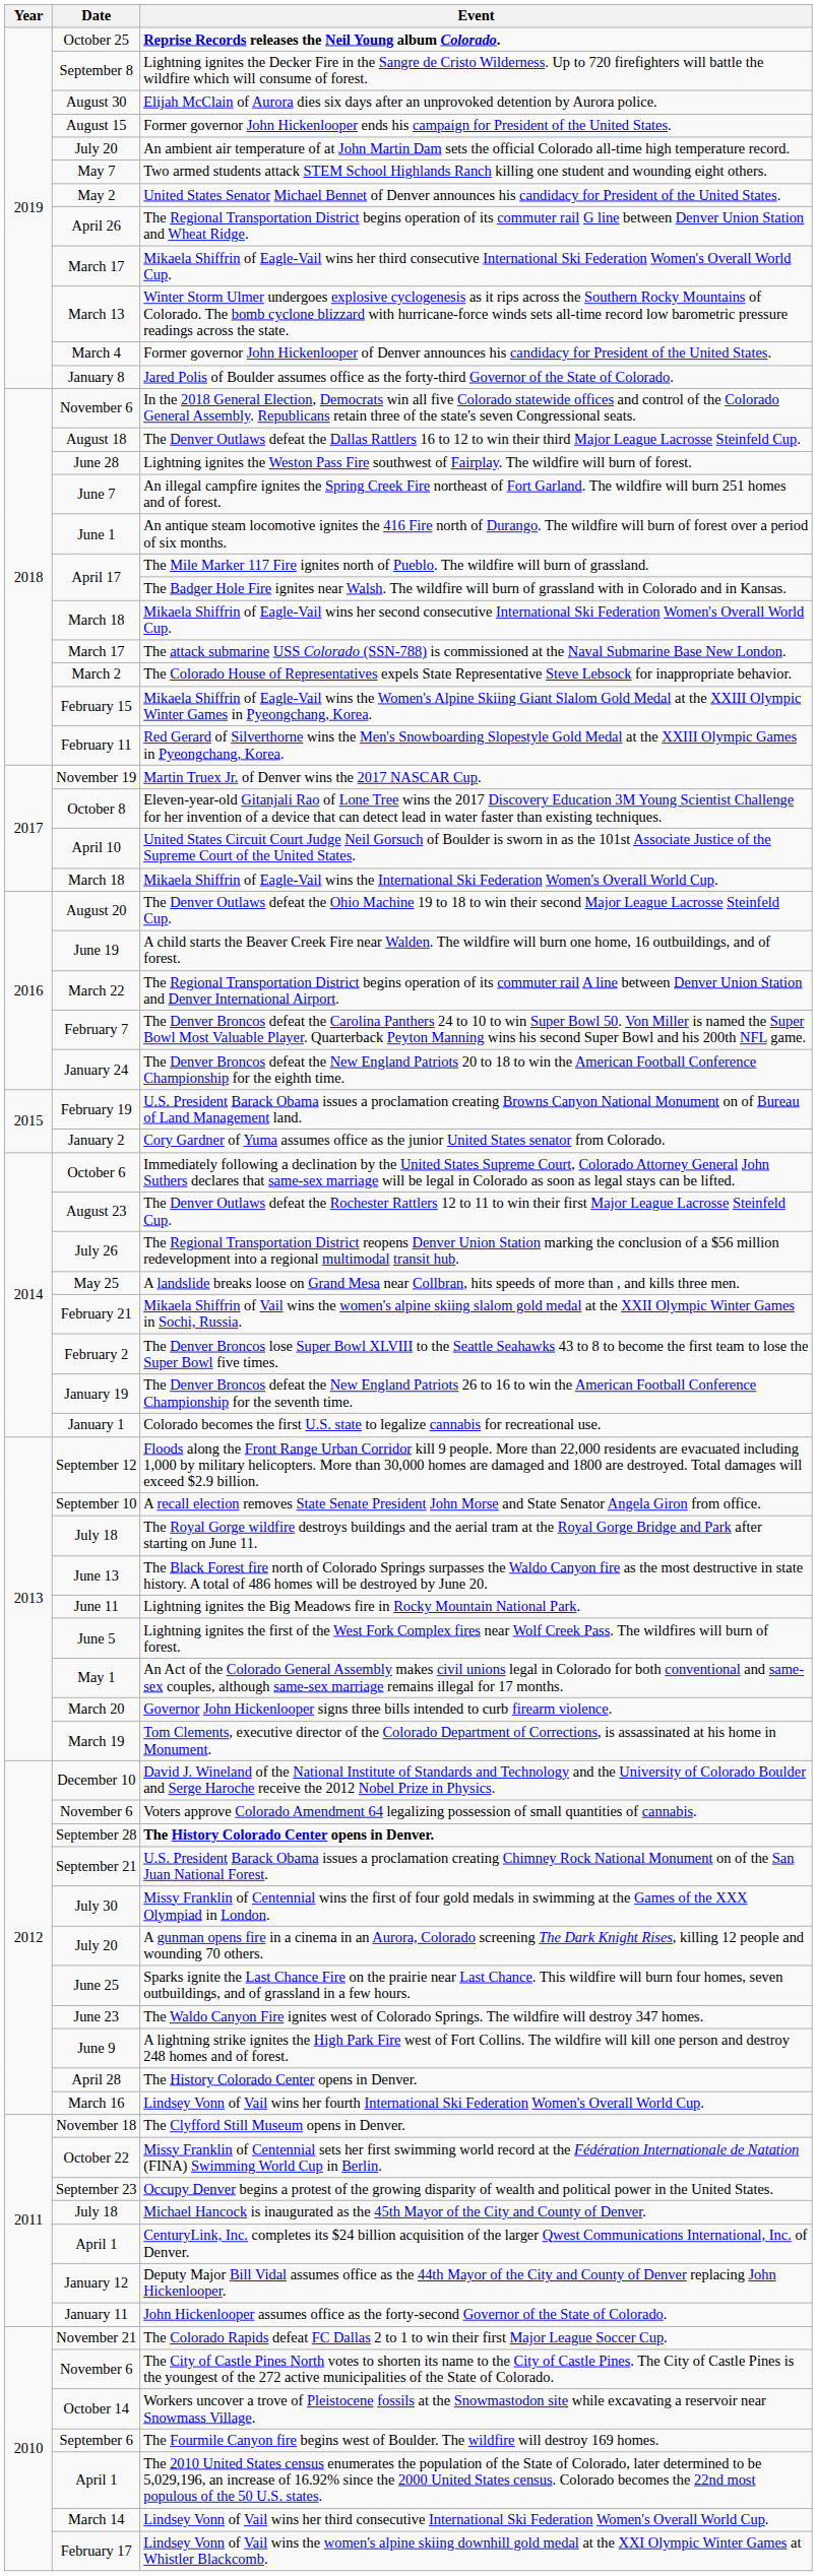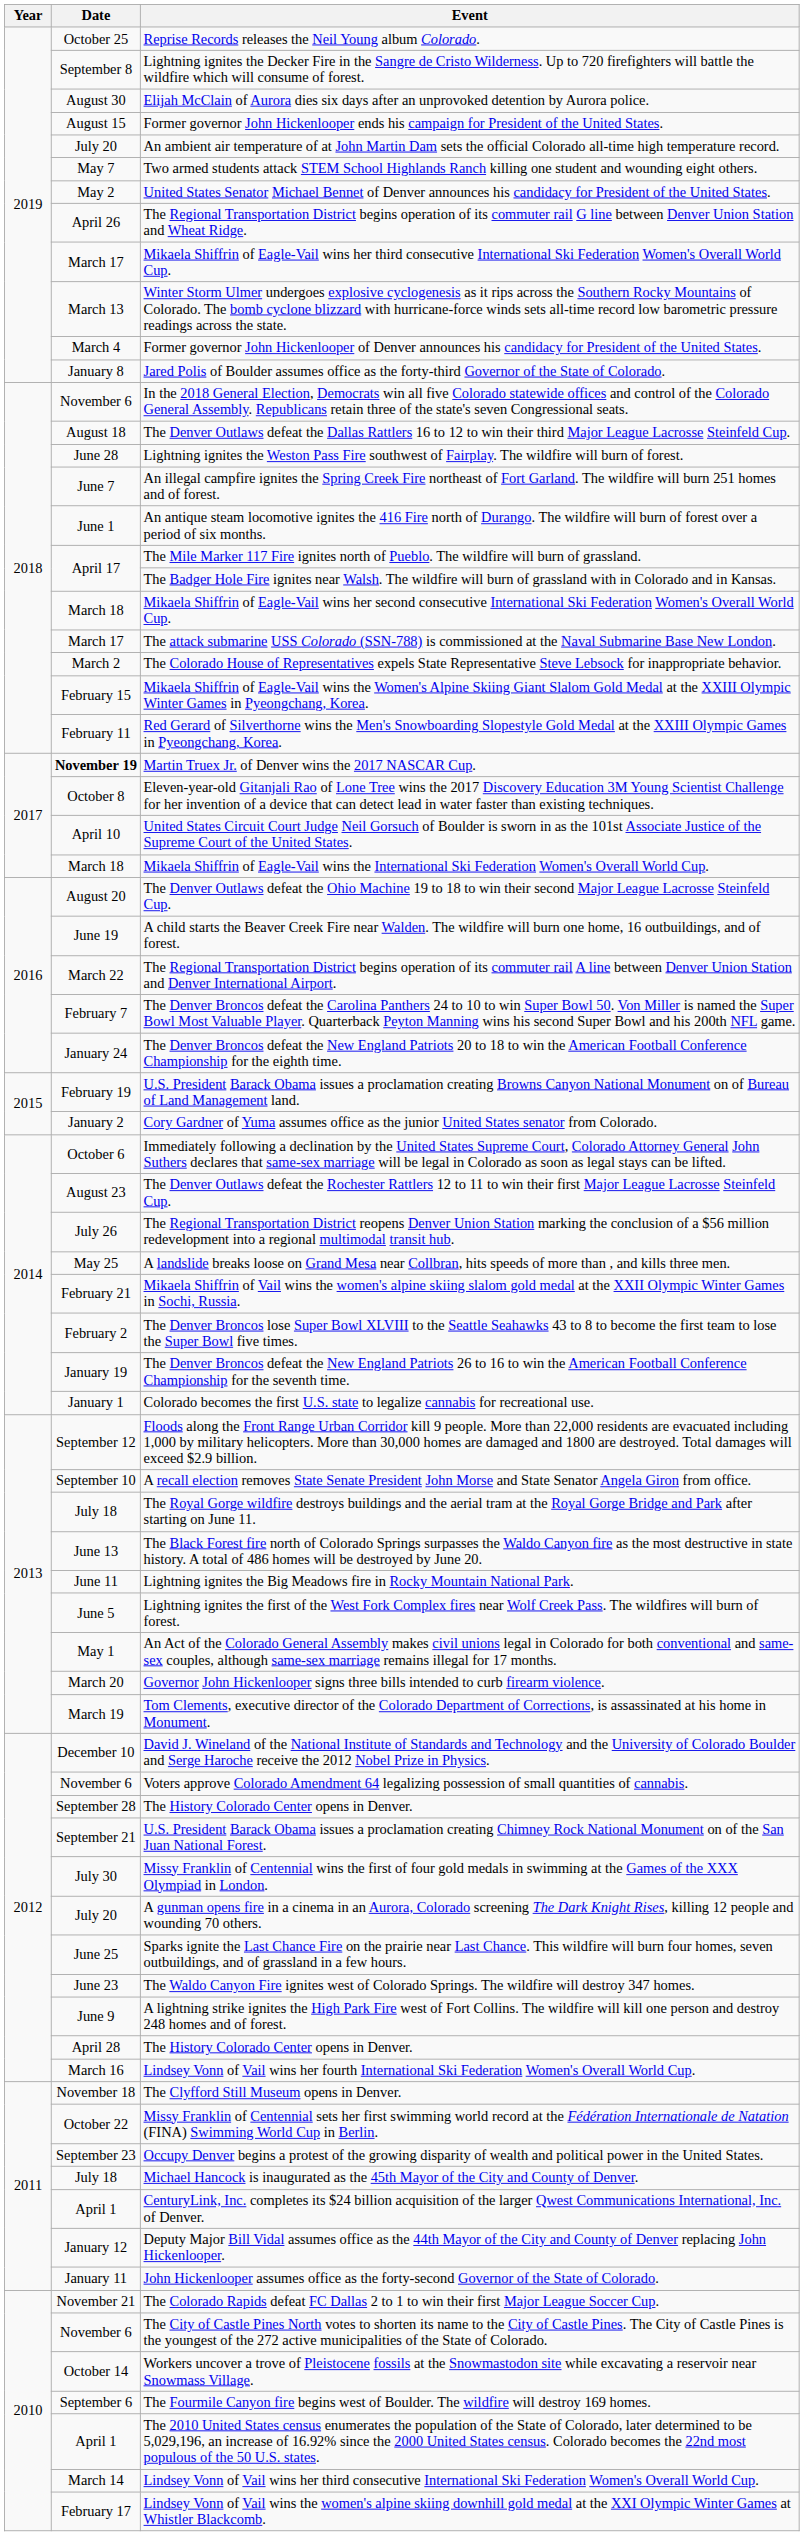 <table class="wikitable" style="width:100%;">
 <tr>
 <th style="width:6%">Year</th>
 <th style="width:8%">Date</th>
 <th style="width:86%">Event</th>
 </tr>
 <tr>
 <td align=center rowspan=12>2019</td>
 <td align=center>October 25</td>
-<td><strong><a href='#'>Reprise Records</a> releases the <a href='#'>Neil Young</a> album <em><a href='#'>Colorado</a></em>.</strong></td>
+<td><a href='#'>Reprise Records</a> releases the <a href='#'>Neil Young</a> album <em><a href='#'>Colorado</a></em>.</td>
 </tr>
 <tr>
 <td align=center>September 8</td>
 <td>Lightning ignites the Decker Fire in the <a href='#'>Sangre de Cristo Wilderness</a>. Up to 720 firefighters will battle the wildfire which will consume  of forest.</td>
 </tr>
 <tr>
 <td align=center>August 30</td>
 <td><a href='#'>Elijah McClain</a> of <a href='#'>Aurora</a> dies six days after an unprovoked detention by Aurora police.</td>
 </tr>
 <tr>
 <td align=center>August 15</td>
 <td>Former governor <a href='#'>John Hickenlooper</a> ends his <a href='#'>campaign for President of the United States</a>.</td>
 </tr>
 <tr>
 <td align=center>July 20</td>
 <td>An ambient air temperature of  at <a href='#'>John Martin Dam</a> sets the official Colorado all-time high temperature record.</td>
 </tr>
 <tr>
 <td align=center>May 7</td>
 <td>Two armed students attack <a href='#'>STEM School Highlands Ranch</a> killing one student and wounding eight others.</td>
 </tr>
 <tr>
 <td align=center>May 2</td>
 <td><a href='#'>United States Senator</a> <a href='#'>Michael Bennet</a> of Denver announces his <a href='#'>candidacy for President of the United States</a>.</td>
 </tr>
 <tr>
 <td align=center>April 26</td>
 <td>The <a href='#'>Regional Transportation District</a> begins operation of its <a href='#'>commuter rail</a> <a href='#'>G line</a> between <a href='#'>Denver Union Station</a> and <a href='#'>Wheat Ridge</a>.</td>
 </tr>
 <tr>
 <td align=center>March 17</td>
 <td><a href='#'>Mikaela Shiffrin</a> of <a href='#'>Eagle-Vail</a> wins her third consecutive <a href='#'>International Ski Federation</a> <a href='#'>Women's Overall World Cup</a>.</td>
 </tr>
 <tr>
 <td align=center>March 13</td>
 <td><a href='#'>Winter Storm Ulmer</a> undergoes <a href='#'>explosive cyclogenesis</a> as it rips across the <a href='#'>Southern Rocky Mountains</a> of Colorado. The <a href='#'>bomb cyclone blizzard</a> with hurricane-force winds sets all-time record low barometric pressure readings across the state.</td>
 </tr>
 <tr>
 <td align=center>March 4</td>
 <td>Former governor <a href='#'>John Hickenlooper</a> of Denver announces his <a href='#'>candidacy for President of the United States</a>.</td>
 </tr>
 <tr>
 <td align=center>January 8</td>
 <td><a href='#'>Jared Polis</a> of Boulder assumes office as the forty-third <a href='#'>Governor of the State of Colorado</a>.</td>
 </tr>
 <tr>
 <td align=center rowspan=12>2018</td>
 <td align=center>November 6</td>
 <td>In the <a href='#'>2018 General Election</a>, <a href='#'>Democrats</a> win all five <a href='#'>Colorado statewide offices</a> and control of the <a href='#'>Colorado General Assembly</a>. <a href='#'>Republicans</a> retain three of the state's seven Congressional seats.</td>
 </tr>
 <tr>
 <td align=center>August 18</td>
 <td>The <a href='#'>Denver Outlaws</a> defeat the <a href='#'>Dallas Rattlers</a> 16 to 12 to win their third <a href='#'>Major League Lacrosse</a> <a href='#'>Steinfeld Cup</a>.</td>
 </tr>
 <tr>
 <td align=center>June 28</td>
 <td>Lightning ignites the <a href='#'>Weston Pass Fire</a>  southwest of <a href='#'>Fairplay</a>. The wildfire will burn  of forest.</td>
 </tr>
 <tr>
 <td align=center>June 7</td>
 <td>An illegal campfire ignites the <a href='#'>Spring Creek Fire</a>  northeast of <a href='#'>Fort Garland</a>. The wildfire will burn 251 homes and  of forest.</td>
 </tr>
 <tr>
 <td align=center>June 1</td>
 <td>An antique steam locomotive ignites the <a href='#'>416 Fire</a>  north of <a href='#'>Durango</a>. The wildfire will burn  of forest over a period of six months.</td>
 </tr>
 <tr>
 <td align=center rowspan=2>April 17</td>
 <td>The <a href='#'>Mile Marker 117 Fire</a> ignites  north of <a href='#'>Pueblo</a>. The wildfire will burn  of grassland.</td>
 </tr>
 <tr>
 <td>The <a href='#'>Badger Hole Fire</a> ignites near <a href='#'>Walsh</a>. The wildfire will burn  of grassland with  in Colorado and  in Kansas.</td>
 </tr>
 <tr>
 <td align=center>March 18</td>
 <td><a href='#'>Mikaela Shiffrin</a> of <a href='#'>Eagle-Vail</a> wins her second consecutive <a href='#'>International Ski Federation</a> <a href='#'>Women's Overall World Cup</a>.</td>
 </tr>
 <tr>
 <td align=center>March 17</td>
 <td>The <a href='#'>attack submarine</a> <a href='#'>USS <em>Colorado</em> (SSN-788)</a> is commissioned at the <a href='#'>Naval Submarine Base New London</a>.</td>
 </tr>
 <tr>
 <td align=center>March 2</td>
 <td>The <a href='#'>Colorado House of Representatives</a> expels State Representative <a href='#'>Steve Lebsock</a> for inappropriate behavior.</td>
 </tr>
 <tr>
 <td align=center>February 15</td>
 <td><a href='#'>Mikaela Shiffrin</a> of <a href='#'>Eagle-Vail</a> wins the <a href='#'>Women's Alpine Skiing Giant Slalom Gold Medal</a> at the <a href='#'>XXIII Olympic Winter Games</a> in <a href='#'>Pyeongchang, Korea</a>.</td>
 </tr>
 <tr>
 <td align=center>February 11</td>
 <td><a href='#'>Red Gerard</a> of <a href='#'>Silverthorne</a> wins the <a href='#'>Men's Snowboarding Slopestyle Gold Medal</a> at the <a href='#'>XXIII Olympic Games</a> in <a href='#'>Pyeongchang, Korea</a>.</td>
 </tr>
 <tr>
 <td align=center rowspan=4>2017</td>
-<td align=center>November 19</td>
+<td align=center><strong>November 19</strong></td>
 <td><a href='#'>Martin Truex Jr.</a> of Denver wins the <a href='#'>2017 NASCAR Cup</a>.</td>
 </tr>
 <tr>
 <td align=center>October 8</td>
 <td>Eleven-year-old <a href='#'>Gitanjali Rao</a> of <a href='#'>Lone Tree</a> wins the 2017 <a href='#'>Discovery Education 3M Young Scientist Challenge</a> for her invention of a device that can detect lead in water faster than existing techniques.</td>
 </tr>
 <tr>
 <td align=center>April 10</td>
 <td><a href='#'>United States Circuit Court Judge</a> <a href='#'>Neil Gorsuch</a> of Boulder is sworn in as the 101st <a href='#'>Associate Justice of the Supreme Court of the United States</a>.</td>
 </tr>
 <tr>
 <td align=center>March 18</td>
 <td><a href='#'>Mikaela Shiffrin</a> of <a href='#'>Eagle-Vail</a> wins the <a href='#'>International Ski Federation</a> <a href='#'>Women's Overall World Cup</a>.</td>
 </tr>
 <tr>
 <td align=center rowspan=5>2016</td>
 <td align=center>August 20</td>
 <td>The <a href='#'>Denver Outlaws</a> defeat the <a href='#'>Ohio Machine</a> 19 to 18 to win their second <a href='#'>Major League Lacrosse</a> <a href='#'>Steinfeld Cup</a>.</td>
 </tr>
 <tr>
 <td align=center>June 19</td>
 <td>A child starts the Beaver Creek Fire near <a href='#'>Walden</a>. The wildfire will burn one home, 16 outbuildings, and  of forest.</td>
 </tr>
 <tr>
 <td align=center>March 22</td>
 <td>The <a href='#'>Regional Transportation District</a> begins operation of its <a href='#'>commuter rail</a> <a href='#'>A line</a> between <a href='#'>Denver Union Station</a> and <a href='#'>Denver International Airport</a>.</td>
 </tr>
 <tr>
 <td align=center>February 7</td>
 <td>The <a href='#'>Denver Broncos</a> defeat the <a href='#'>Carolina Panthers</a> 24 to 10 to win <a href='#'>Super Bowl 50</a>. <a href='#'>Von Miller</a> is named the <a href='#'>Super Bowl Most Valuable Player</a>. Quarterback <a href='#'>Peyton Manning</a> wins his second Super Bowl and his 200th <a href='#'>NFL</a> game.</td>
 </tr>
 <tr>
 <td align=center>January 24</td>
 <td>The <a href='#'>Denver Broncos</a> defeat the <a href='#'>New England Patriots</a> 20 to 18 to win the <a href='#'>American Football Conference Championship</a> for the eighth time.</td>
 </tr>
 <tr>
 <td align=center rowspan=2>2015</td>
 <td align=center>February 19</td>
 <td><a href='#'>U.S. President</a> <a href='#'>Barack Obama</a> issues a proclamation creating <a href='#'>Browns Canyon National Monument</a> on  of <a href='#'>Bureau of Land Management</a> land.</td>
 </tr>
 <tr>
 <td align=center>January 2</td>
 <td><a href='#'>Cory Gardner</a> of <a href='#'>Yuma</a> assumes office as the junior <a href='#'>United States senator</a> from Colorado.</td>
 </tr>
 <tr>
 <td align=center rowspan=8>2014</td>
 <td align=center>October 6</td>
 <td>Immediately following a declination by the <a href='#'>United States Supreme Court</a>, <a href='#'>Colorado Attorney General</a> <a href='#'>John Suthers</a> declares that <a href='#'>same-sex marriage</a> will be legal in Colorado as soon as legal stays can be lifted.</td>
 </tr>
 <tr>
 <td align=center>August 23</td>
 <td>The <a href='#'>Denver Outlaws</a> defeat the <a href='#'>Rochester Rattlers</a> 12 to 11 to win their first <a href='#'>Major League Lacrosse</a> <a href='#'>Steinfeld Cup</a>.</td>
 </tr>
 <tr>
 <td align=center>July 26</td>
 <td>The <a href='#'>Regional Transportation District</a> reopens <a href='#'>Denver Union Station</a> marking the conclusion of a $56 million redevelopment into a regional <a href='#'>multimodal</a> <a href='#'>transit hub</a>.</td>
 </tr>
 <tr>
 <td align=center>May 25</td>
 <td>A  <a href='#'>landslide</a> breaks loose on <a href='#'>Grand Mesa</a> near <a href='#'>Collbran</a>, hits speeds of more than , and kills three men.</td>
 </tr>
 <tr>
 <td align=center>February 21</td>
 <td><a href='#'>Mikaela Shiffrin</a> of <a href='#'>Vail</a> wins the <a href='#'>women's alpine skiing slalom gold medal</a> at the <a href='#'>XXII Olympic Winter Games</a> in <a href='#'>Sochi, Russia</a>.</td>
 </tr>
 <tr>
 <td align=center>February 2</td>
 <td>The <a href='#'>Denver Broncos</a> lose <a href='#'>Super Bowl XLVIII</a> to the <a href='#'>Seattle Seahawks</a> 43 to 8 to become the first team to lose the <a href='#'>Super Bowl</a> five times.</td>
 </tr>
 <tr>
 <td align=center>January 19</td>
 <td>The <a href='#'>Denver Broncos</a> defeat the <a href='#'>New England Patriots</a> 26 to 16 to win the <a href='#'>American Football Conference Championship</a> for the seventh time.</td>
 </tr>
 <tr>
 <td align=center>January 1</td>
 <td>Colorado becomes the first <a href='#'>U.S. state</a> to legalize <a href='#'>cannabis</a> for recreational use.</td>
 </tr>
 <tr>
 <td align=center rowspan=9>2013</td>
 <td align=center>September 12</td>
 <td><a href='#'>Floods</a> along the <a href='#'>Front Range Urban Corridor</a> kill 9 people. More than 22,000 residents are evacuated including 1,000 by military helicopters. More than 30,000 homes are damaged and 1800 are destroyed. Total damages will exceed $2.9 billion.</td>
 </tr>
 <tr>
 <td align=center>September 10</td>
 <td>A <a href='#'>recall election</a> removes <a href='#'>State Senate President</a> <a href='#'>John Morse</a> and State Senator <a href='#'>Angela Giron</a> from office.</td>
 </tr>
 <tr>
 <td align=center>July 18</td>
 <td>The <a href='#'>Royal Gorge wildfire</a> destroys buildings and the aerial tram at the <a href='#'>Royal Gorge Bridge and Park</a> after starting on June 11.</td>
 </tr>
 <tr>
 <td align=center>June 13</td>
 <td>The <a href='#'>Black Forest fire</a> north of Colorado Springs surpasses the <a href='#'>Waldo Canyon fire</a> as the most destructive in state history. A total of 486 homes will be destroyed by June 20.</td>
 </tr>
 <tr>
 <td align=center>June 11</td>
 <td>Lightning ignites the Big Meadows fire in <a href='#'>Rocky Mountain National Park</a>.</td>
 </tr>
 <tr>
 <td align=center>June 5</td>
 <td>Lightning ignites the first of the  <a href='#'>West Fork Complex fires</a> near <a href='#'>Wolf Creek Pass</a>. The wildfires will burn  of forest.</td>
 </tr>
 <tr>
 <td align=center>May 1</td>
 <td>An Act of the <a href='#'>Colorado General Assembly</a> makes <a href='#'>civil unions</a> legal in Colorado for both <a href='#'>conventional</a> and <a href='#'>same-sex</a> couples, although <a href='#'>same-sex marriage</a> remains illegal for 17 months.</td>
 </tr>
 <tr>
 <td align=center>March 20</td>
 <td><a href='#'>Governor</a> <a href='#'>John Hickenlooper</a> signs three bills intended to curb <a href='#'>firearm violence</a>.</td>
 </tr>
 <tr>
 <td align=center>March 19</td>
 <td><a href='#'>Tom Clements</a>, executive director of the <a href='#'>Colorado Department of Corrections</a>, is assassinated at his home in <a href='#'>Monument</a>.</td>
 </tr>
 <tr>
 <td align=center rowspan=11>2012</td>
 <td align=center>December 10</td>
 <td><a href='#'>David J. Wineland</a> of the <a href='#'>National Institute of Standards and Technology</a> and the <a href='#'>University of Colorado Boulder</a> and <a href='#'>Serge Haroche</a> receive the 2012 <a href='#'>Nobel Prize in Physics</a>.</td>
 </tr>
 <tr>
 <td align=center>November 6</td>
 <td>Voters approve <a href='#'>Colorado Amendment 64</a> legalizing possession of small quantities of <a href='#'>cannabis</a>.</td>
 </tr>
 <tr>
 <td align=center>September 28</td>
-<td><strong>The <a href='#'>History Colorado Center</a> opens in Denver.</strong></td>
+<td>The <a href='#'>History Colorado Center</a> opens in Denver.</td>
 </tr>
 <tr>
 <td align=center>September 21</td>
 <td><a href='#'>U.S. President</a> <a href='#'>Barack Obama</a> issues a proclamation creating <a href='#'>Chimney Rock National Monument</a> on  of the <a href='#'>San Juan National Forest</a>.</td>
 </tr>
 <tr>
 <td align=center>July 30</td>
 <td><a href='#'>Missy Franklin</a> of <a href='#'>Centennial</a> wins the first of four gold medals in swimming at the <a href='#'>Games of the XXX Olympiad</a> in <a href='#'>London</a>.</td>
 </tr>
 <tr>
 <td align=center>July 20</td>
 <td>A <a href='#'>gunman opens fire</a> in a cinema in an <a href='#'>Aurora, Colorado</a> screening <em><a href='#'>The Dark Knight Rises</a></em>, killing 12 people and wounding 70 others.</td>
 </tr>
 <tr>
 <td align=center>June 25</td>
 <td>Sparks ignite the <a href='#'>Last Chance Fire</a> on the prairie near <a href='#'>Last Chance</a>. This wildfire will burn four homes, seven outbuildings, and  of grassland in a few hours.</td>
 </tr>
 <tr>
 <td align=center>June 23</td>
 <td>The <a href='#'>Waldo Canyon Fire</a> ignites west of Colorado Springs. The wildfire will destroy 347 homes.</td>
 </tr>
 <tr>
 <td align=center>June 9</td>
 <td>A lightning strike ignites the <a href='#'>High Park Fire</a> west of Fort Collins. The wildfire will kill one person and destroy 248 homes and  of forest.</td>
 </tr>
 <tr>
 <td align=center>April 28</td>
 <td>The <a href='#'>History Colorado Center</a> opens in Denver.</td>
 </tr>
 <tr>
 <td align=center>March 16</td>
 <td><a href='#'>Lindsey Vonn</a> of <a href='#'>Vail</a> wins her fourth <a href='#'>International Ski Federation</a> <a href='#'>Women's Overall World Cup</a>.</td>
 </tr>
 <tr>
 <td align=center rowspan=7>2011</td>
 <td align=center>November 18</td>
 <td>The <a href='#'>Clyfford Still Museum</a> opens in Denver.</td>
 </tr>
 <tr>
 <td align=center>October 22</td>
 <td><a href='#'>Missy Franklin</a> of <a href='#'>Centennial</a> sets her first swimming world record at the <a href='#'><em>Fédération Internationale de Natation</em></a> (FINA) <a href='#'>Swimming World Cup</a> in <a href='#'>Berlin</a>.</td>
 </tr>
 <tr>
 <td align=center>September 23</td>
 <td><a href='#'>Occupy Denver</a> begins a protest of the growing disparity of wealth and political power in the United States.</td>
 </tr>
 <tr>
 <td align=center>July 18</td>
 <td><a href='#'>Michael Hancock</a> is inaugurated as the <a href='#'>45th Mayor of the City and County of Denver</a>.</td>
 </tr>
 <tr>
 <td align=center>April 1</td>
 <td><a href='#'>CenturyLink, Inc.</a> completes its $24 billion acquisition of the larger <a href='#'>Qwest Communications International, Inc.</a> of Denver.</td>
 </tr>
 <tr>
 <td align=center>January 12</td>
 <td>Deputy Major <a href='#'>Bill Vidal</a> assumes office as the <a href='#'>44th Mayor of the City and County of Denver</a> replacing <a href='#'>John Hickenlooper</a>.</td>
 </tr>
 <tr>
 <td align=center>January 11</td>
 <td><a href='#'>John Hickenlooper</a> assumes office as the forty-second <a href='#'>Governor of the State of Colorado</a>.</td>
 </tr>
 <tr>
 <td align=center rowspan=7>2010</td>
 <td align=center>November 21</td>
 <td>The <a href='#'>Colorado Rapids</a> defeat <a href='#'>FC Dallas</a> 2 to 1 to win their first <a href='#'>Major League Soccer Cup</a>.</td>
 </tr>
 <tr>
 <td align=center>November 6</td>
 <td>The <a href='#'>City of Castle Pines North</a> votes to shorten its name to the <a href='#'>City of Castle Pines</a>. The City of Castle Pines is the youngest of the 272 active municipalities of the State of Colorado.</td>
 </tr>
 <tr>
 <td align=center>October 14</td>
 <td>Workers uncover a trove of <a href='#'>Pleistocene</a> <a href='#'>fossils</a> at the <a href='#'>Snowmastodon site</a> while excavating a reservoir near <a href='#'>Snowmass Village</a>.</td>
 </tr>
 <tr>
 <td align=center>September 6</td>
 <td>The <a href='#'>Fourmile Canyon fire</a> begins west of Boulder. The <a href='#'>wildfire</a> will destroy 169 homes.</td>
 </tr>
 <tr>
 <td align=center>April 1</td>
 <td>The <a href='#'>2010 United States census</a> enumerates the population of the State of Colorado, later determined to be 5,029,196, an increase of 16.92% since the <a href='#'>2000 United States census</a>. Colorado becomes the <a href='#'>22nd most populous of the 50 U.S. states</a>.</td>
 </tr>
 <tr>
 <td align=center>March 14</td>
 <td><a href='#'>Lindsey Vonn</a> of <a href='#'>Vail</a> wins her third consecutive <a href='#'>International Ski Federation</a> <a href='#'>Women's Overall World Cup</a>.</td>
 </tr>
 <tr>
 <td align=center>February 17</td>
 <td><a href='#'>Lindsey Vonn</a> of <a href='#'>Vail</a> wins the <a href='#'>women's alpine skiing downhill gold medal</a> at the <a href='#'>XXI Olympic Winter Games</a> at <a href='#'>Whistler Blackcomb</a>.</td>
 </tr>
 </table>
